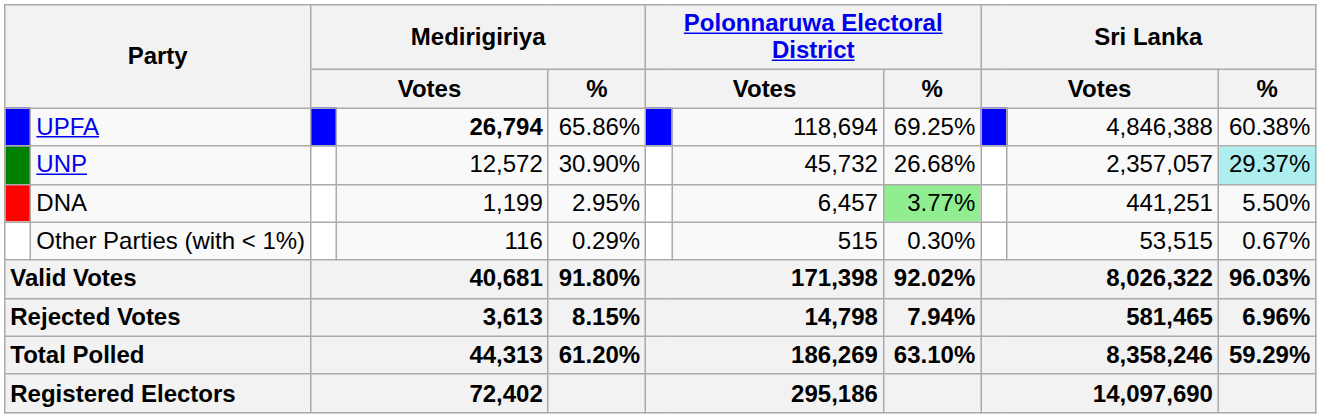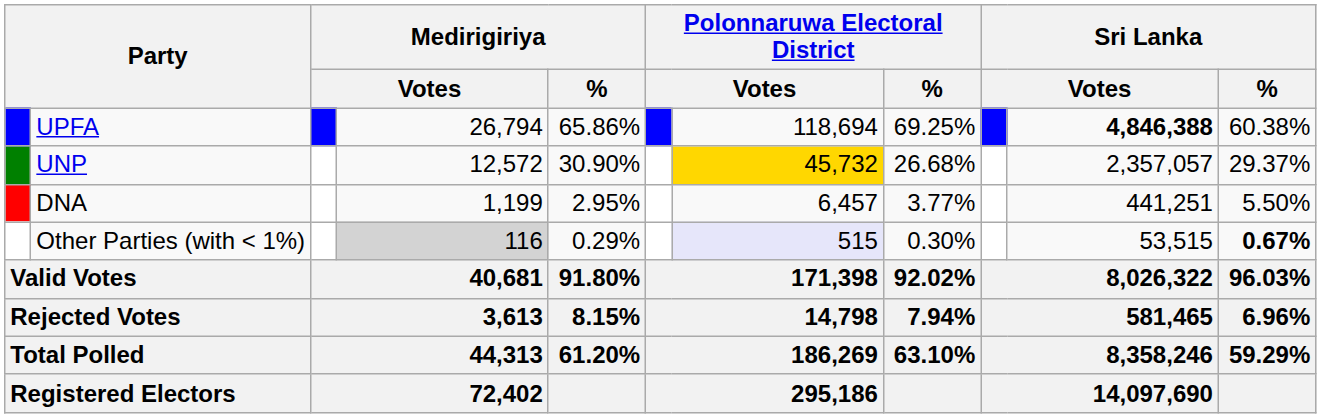 <table class="wikitable">
 <tr>
 <th colspan="2" width="144px"rowspan="2">Party</th>
 <th colspan="3" width="216px">Medirigiriya</th>
 <th colspan="3" width="216px"><a href='#'>Polonnaruwa Electoral District</a></th>
 <th colspan="3" width="216px">Sri Lanka</th>
 </tr>
 <tr>
 <th colspan="2" width="144px">Votes</th>
 <th>%</th>
 <th colspan="2" width="144px">Votes</th>
 <th>%</th>
 <th colspan="2" width="144px">Votes</th>
 <th>%</th>
 </tr>
 <tr>
 <td style="background-color:blue;" width="10px"></td>
 <td style="text-align:left;"><a href='#'>UPFA</a></td>
 <td style="background-color:blue;" width="10px"></td>
-<td style="text-align:right;"><strong>26,794</strong></td>
+<td style="text-align:right;">26,794</td>
 <td style="text-align:right;">65.86%</td>
 <td style="background-color:blue;" width="10px"></td>
 <td style="text-align:right;">118,694</td>
 <td style="text-align:right;">69.25%</td>
 <td style="background-color:blue;" width="10px"></td>
-<td style="text-align:right;">4,846,388</td>
+<td style="text-align:right;"><strong>4,846,388</strong></td>
 <td style="text-align:right;">60.38%</td>
 </tr>
 <tr>
 <td style="background-color:green;" width="10px"></td>
 <td style="text-align:left;"><a href='#'>UNP</a></td>
 <td style="background-color:white;" width="10px"></td>
 <td style="text-align:right;">12,572</td>
 <td style="text-align:right;">30.90%</td>
 <td style="background-color:white;" width="10px"></td>
-<td style="text-align:right;">45,732</td>
+<td style="background: gold; text-align:right;">45,732</td>
 <td style="text-align:right;">26.68%</td>
 <td style="background-color:white;" width="10px"></td>
 <td style="text-align:right;">2,357,057</td>
-<td style="background: paleturquoise; text-align:right;">29.37%</td>
+<td style="text-align:right;">29.37%</td>
 </tr>
 <tr>
 <td style="background-color:red;" width="10px"></td>
 <td style="text-align:left;">DNA</td>
 <td style="background-color:white;" width="10px"></td>
 <td style="text-align:right;">1,199</td>
 <td style="text-align:right;">2.95%</td>
 <td style="background-color:white;" width="10px"></td>
 <td style="text-align:right;">6,457</td>
-<td style="background: lightgreen; text-align:right;">3.77%</td>
+<td style="text-align:right;">3.77%</td>
 <td style="background-color:white;" width="10px"></td>
 <td style="text-align:right;">441,251</td>
 <td style="text-align:right;">5.50%</td>
 </tr>
 <tr>
 <td style="background-color:white;" width="10px"></td>
 <td style="text-align:left;">Other Parties (with < 1%)</td>
 <td style="background-color:white;" width="10px"></td>
-<td style="text-align:right;">116</td>
+<td style="background: lightgrey; text-align:right;">116</td>
 <td style="text-align:right;">0.29%</td>
 <td style="background-color:white;" width="10px"></td>
-<td style="text-align:right;">515</td>
+<td style="background: lavender; text-align:right;">515</td>
 <td style="text-align:right;">0.30%</td>
 <td style="background-color:white;" width="10px"></td>
 <td style="text-align:right;">53,515</td>
-<td style="text-align:right;">0.67%</td>
+<td style="text-align:right;"><strong>0.67%</strong></td>
 </tr>
 <tr>
 <th colspan="2" width="144px"style="text-align:left;">Valid Votes</th>
 <th style="text-align:right;"colspan="2" width="144px">40,681</th>
 <th style="text-align:right;">91.80%</th>
 <th style="text-align:right;"colspan="2" width="144px">171,398</th>
 <th style="text-align:right;">92.02%</th>
 <th style="text-align:right;"colspan="2" width="144px">8,026,322</th>
 <th style="text-align:right;">96.03%</th>
 </tr>
 <tr>
 <th colspan="2" width="144px"style="text-align:left;">Rejected Votes</th>
 <th style="text-align:right;"colspan="2" width="144px">3,613</th>
 <th style="text-align:right;">8.15%</th>
 <th style="text-align:right;"colspan="2" width="144px">14,798</th>
 <th style="text-align:right;">7.94%</th>
 <th style="text-align:right;"colspan="2" width="144px">581,465</th>
 <th style="text-align:right;">6.96%</th>
 </tr>
 <tr>
 <th colspan="2" width="144px"style="text-align:left;">Total Polled</th>
 <th style="text-align:right;"colspan="2" width="144px">44,313</th>
 <th style="text-align:right;">61.20%</th>
 <th style="text-align:right;"colspan="2" width="144px">186,269</th>
 <th style="text-align:right;">63.10%</th>
 <th style="text-align:right;"colspan="2" width="144px">8,358,246</th>
 <th style="text-align:right;">59.29%</th>
 </tr>
 <tr>
 <th colspan="2" width="144px"style="text-align:left;">Registered Electors</th>
 <th style="text-align:right;"colspan="2" width="144px">72,402</th>
 <th></th>
 <th style="text-align:right;"colspan="2" width="144px">295,186</th>
 <th></th>
 <th style="text-align:right;"colspan="2" width="144px">14,097,690</th>
 <th></th>
 </tr>
 </table>
